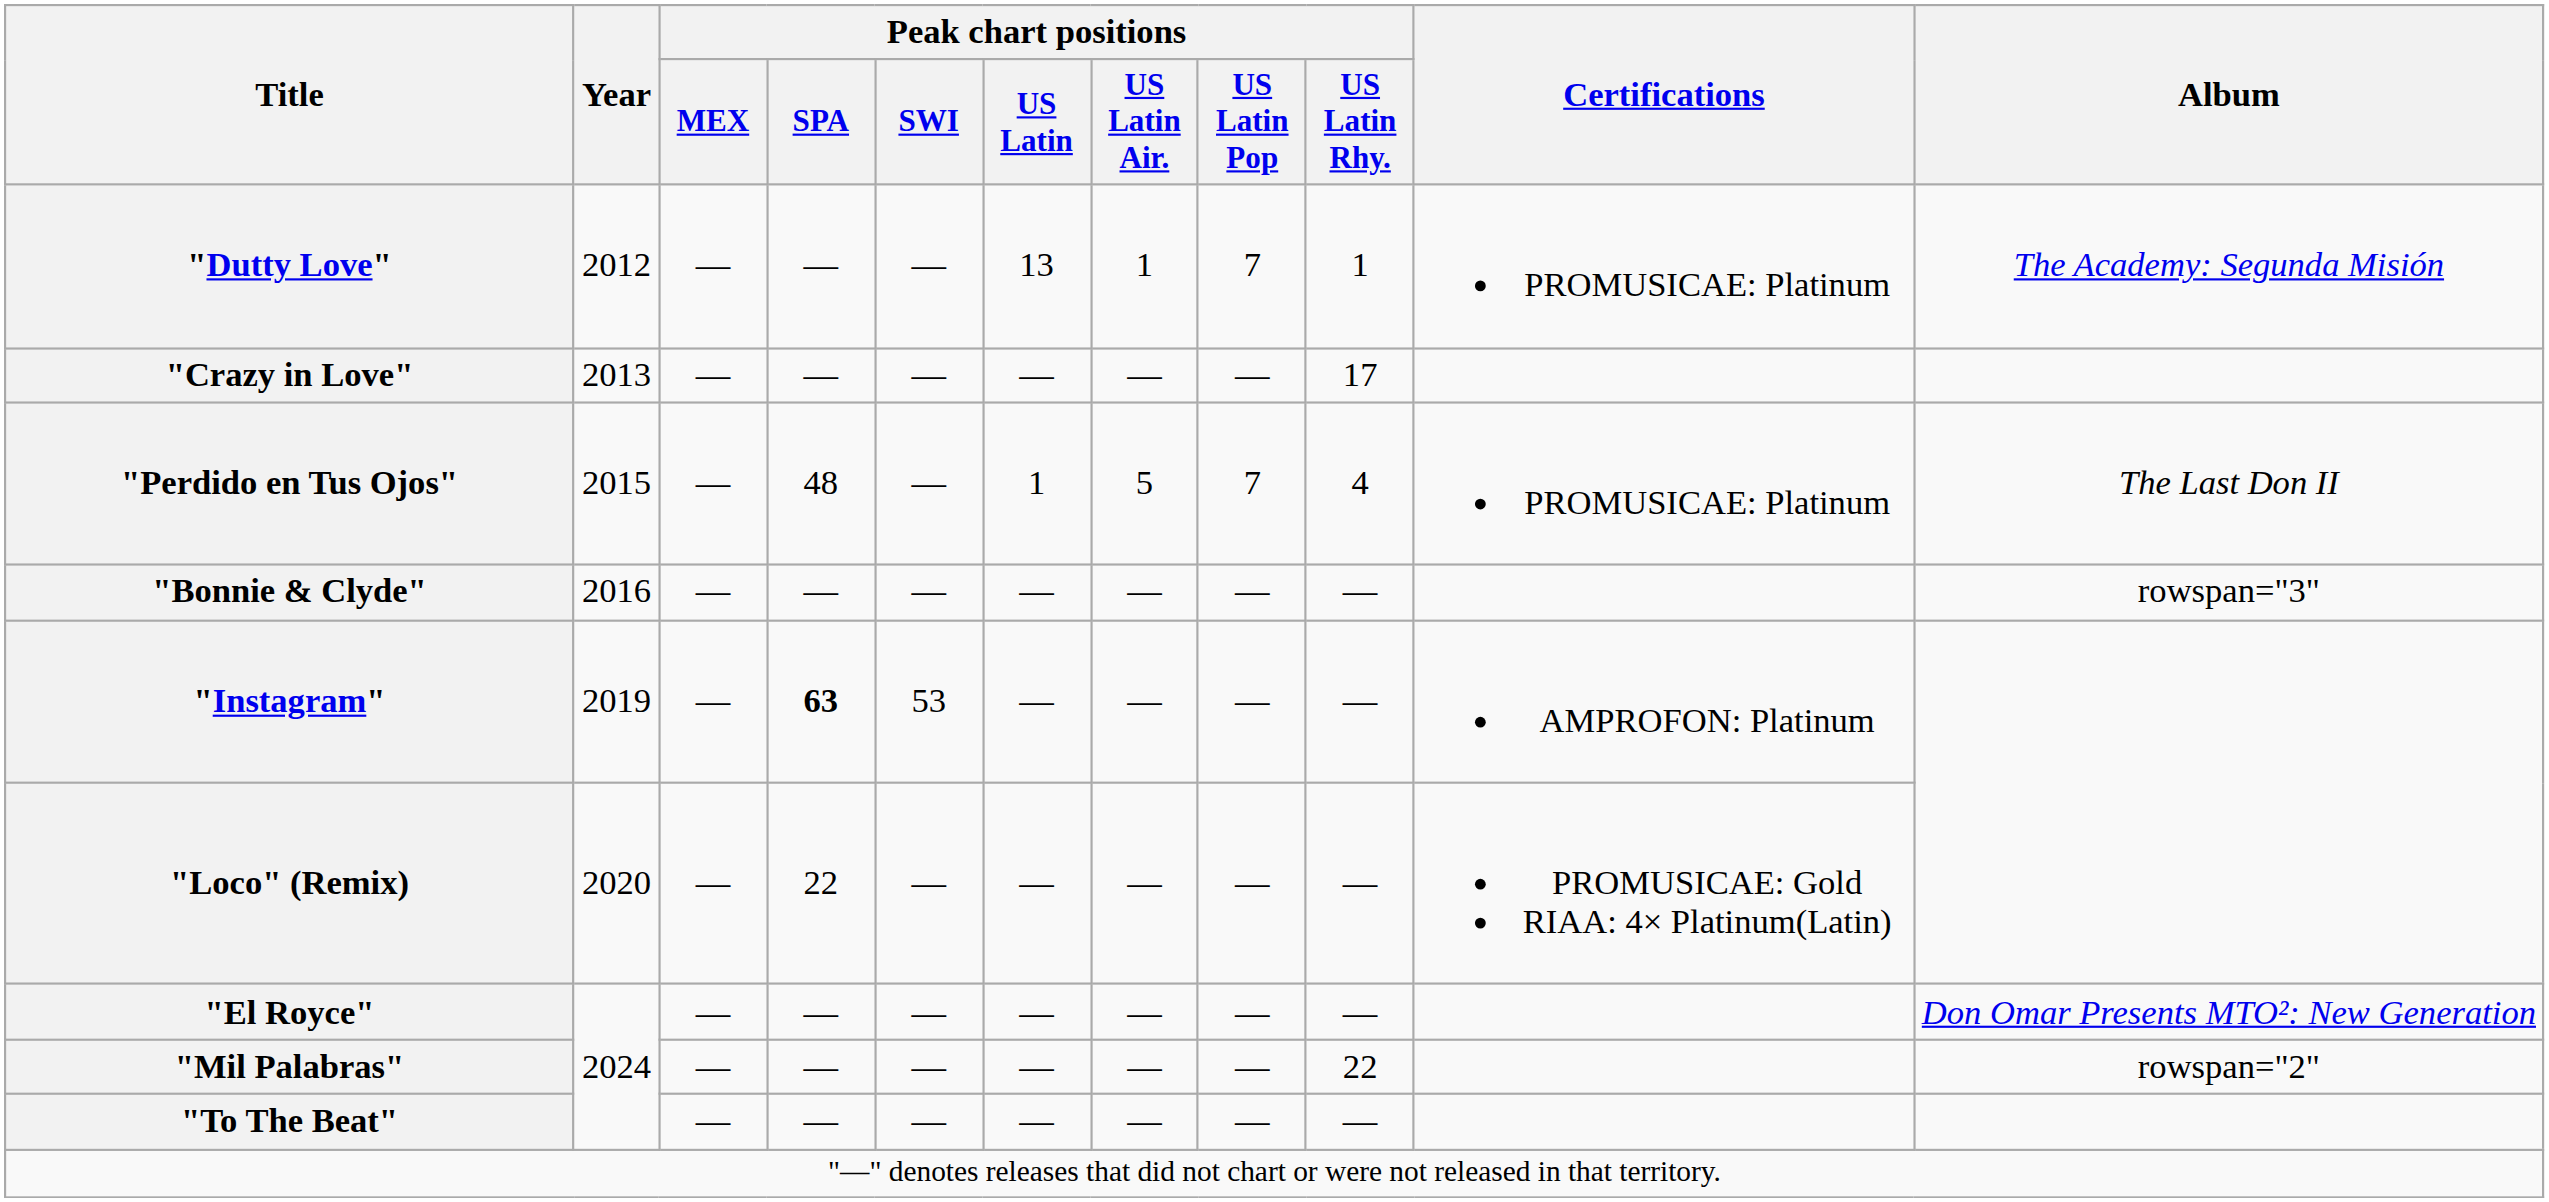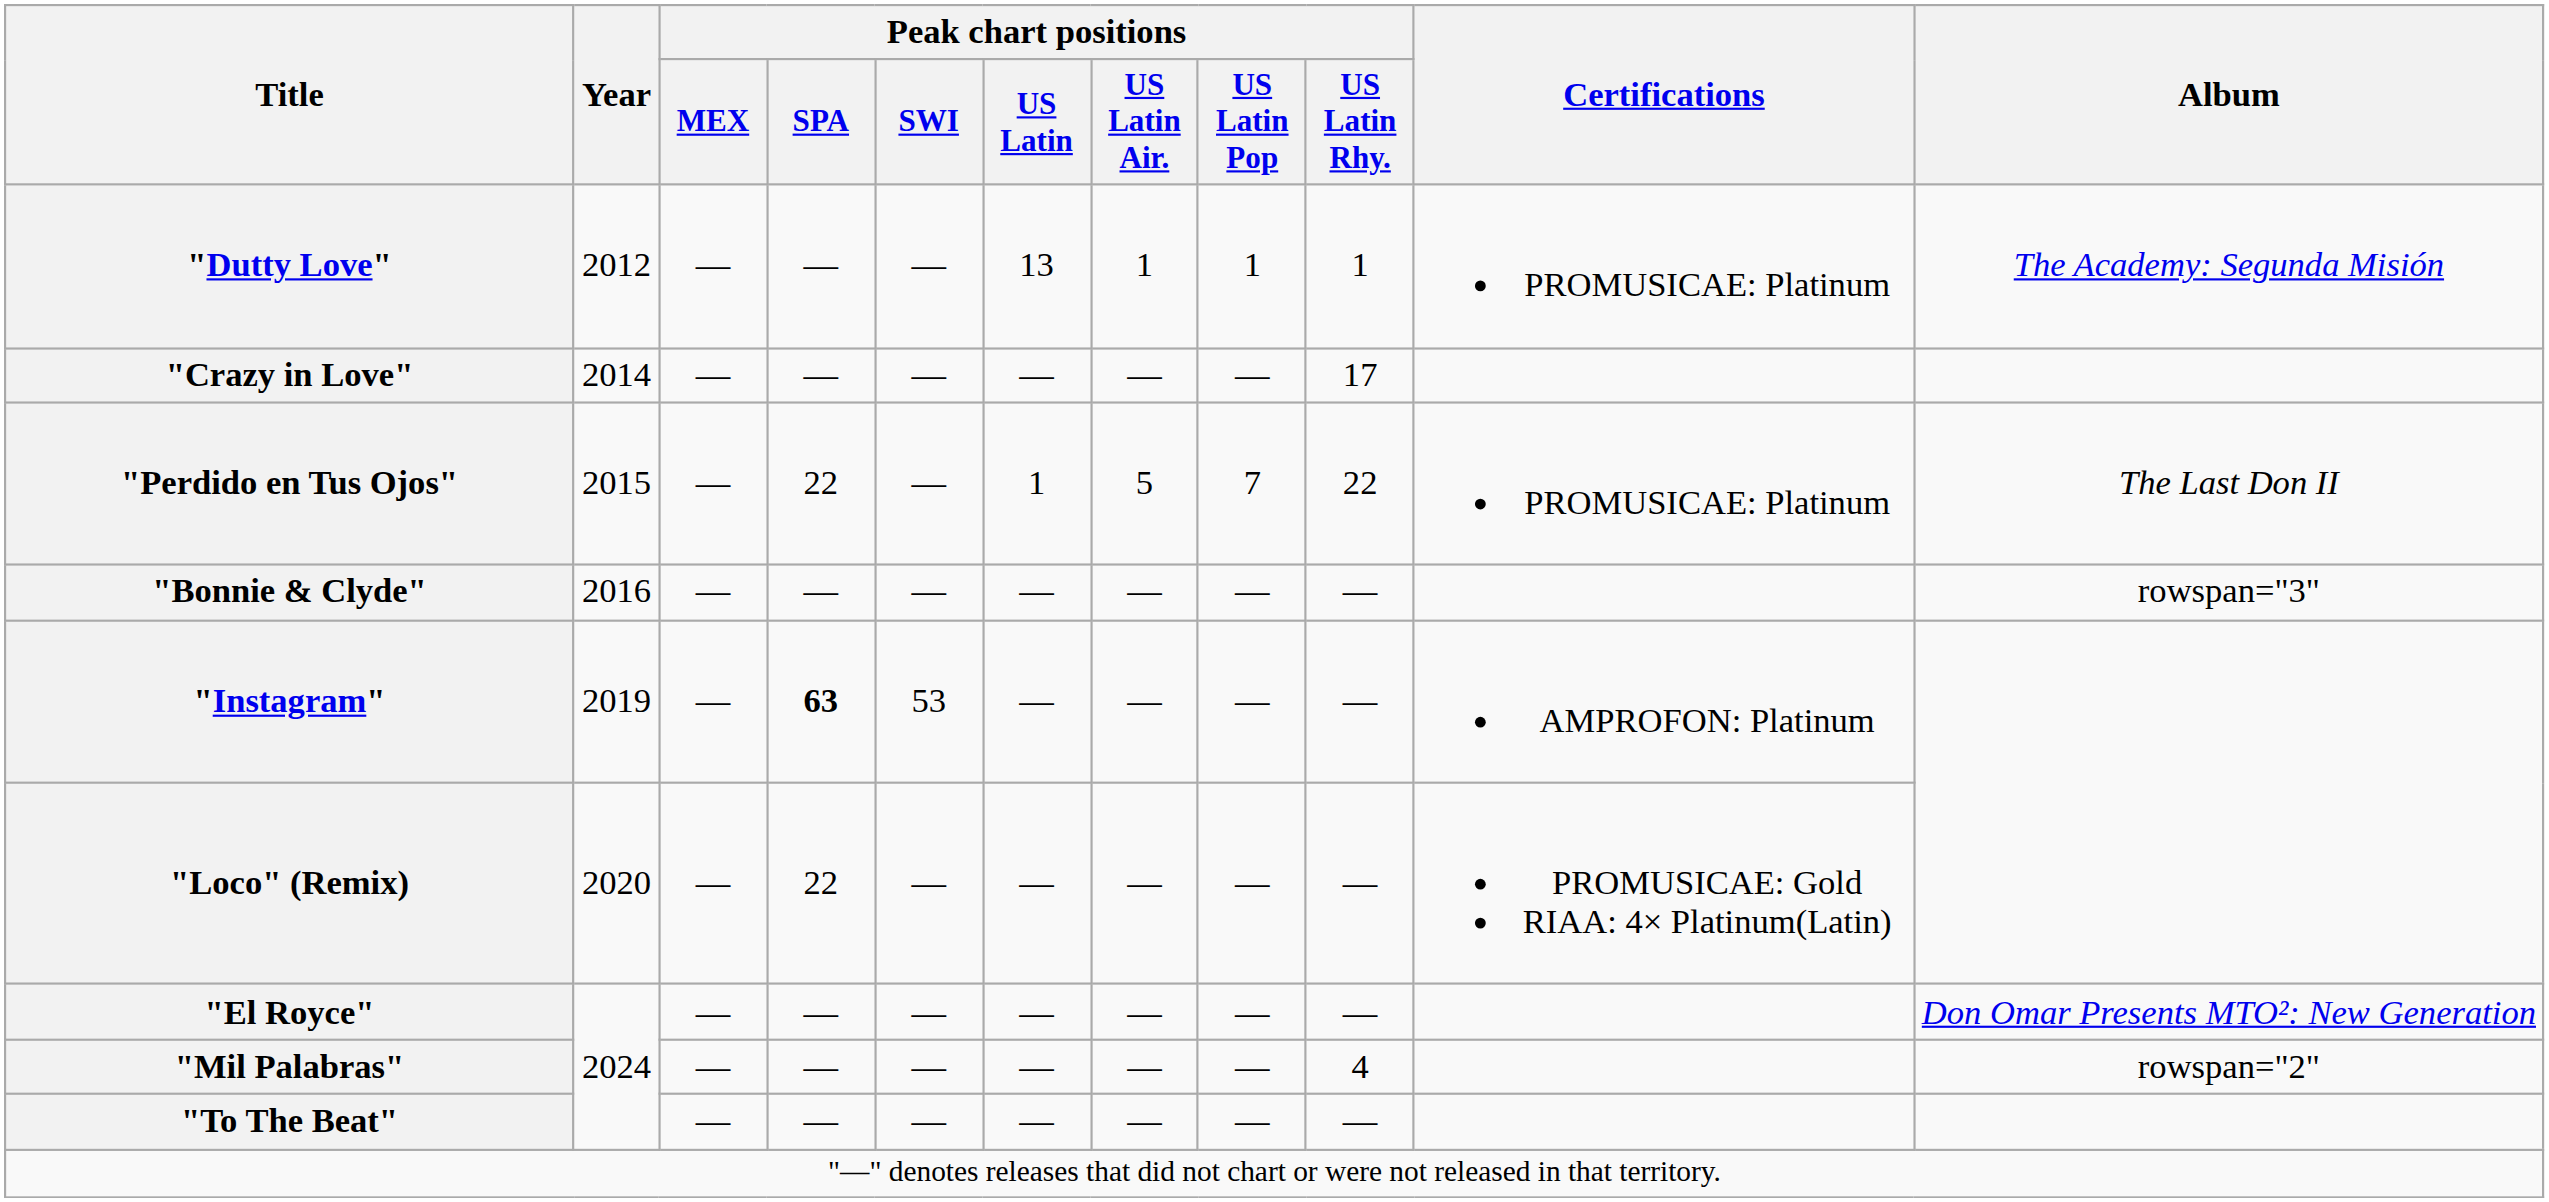 <table class="wikitable plainrowheaders" style="text-align:center;">
 <tr>
 <th scope="col" rowspan="2" style="width:16em;">Title</th>
 <th scope="col" rowspan="2" style="width:1em;">Year</th>
 <th scope="col" colspan="7">Peak chart positions</th>
 <th scope="col" rowspan="2" style="width:14em;"><a href='#'>Certifications</a></th>
 <th scope="col" rowspan="2">Album</th>
 </tr>
 <tr>
 <th scope="col" style="width:3em;font-size:90%;"><a href='#'>MEX</a><br></th>
 <th scope="col" style="width:3em;font-size:90%;"><a href='#'>SPA</a><br></th>
 <th scope="col" style="width:3em;font-size:90%;"><a href='#'>SWI</a><br></th>
 <th scope="col" style="width:3em;font-size:90%;"><a href='#'>US<br>Latin</a><br></th>
 <th scope="col" style="width:3em;font-size:90%;"><a href='#'>US<br>Latin<br>Air.</a><br></th>
 <th scope="col" style="width:3em;font-size:90%;"><a href='#'>US<br>Latin<br>Pop</a><br></th>
 <th scope="col" style="width:3em;font-size:90%;"><a href='#'>US<br>Latin<br>Rhy.</a><br></th>
 </tr>
 <tr>
 <th scope="row">"<a href='#'>Dutty Love</a>"<br></th>
 <td>2012</td>
 <td>—</td>
 <td>—</td>
 <td>—</td>
 <td>13</td>
 <td>1</td>
-<td>7</td>
+<td>1</td>
 <td>1</td>
 <td><br><ul><li>PROMUSICAE: Platinum</li></ul></td>
 <td><em><a href='#'>The Academy: Segunda Misión</a></em></td>
 </tr>
 <tr>
 <th scope="row">"Crazy in Love"<br></th>
-<td>2013</td>
+<td>2014</td>
 <td>—</td>
 <td>—</td>
 <td>—</td>
 <td>—</td>
 <td>—</td>
 <td>—</td>
 <td>17</td>
 <td></td>
 <td></td>
 </tr>
 <tr>
 <th scope="row">"Perdido en Tus Ojos"<br></th>
 <td>2015</td>
 <td>—</td>
-<td>48</td>
+<td>22</td>
 <td>—</td>
 <td>1</td>
 <td>5</td>
 <td>7</td>
-<td>4</td>
+<td>22</td>
 <td><br><ul><li>PROMUSICAE: Platinum</li></ul></td>
 <td><em>The Last Don II</em></td>
 </tr>
 <tr>
 <th scope="row">"Bonnie & Clyde"<br></th>
 <td>2016</td>
 <td>—</td>
 <td>—</td>
 <td>—</td>
 <td>—</td>
 <td>—</td>
 <td>—</td>
 <td>—</td>
 <td></td>
 <td>rowspan="3" </td>
 </tr>
 <tr>
 <th scope="row">"<a href='#'>Instagram</a>"<br></th>
 <td>2019</td>
 <td>—</td>
 <td><strong>63</strong></td>
 <td>53</td>
 <td>—</td>
 <td>—</td>
 <td>—</td>
 <td>—</td>
 <td><br><ul><li>AMPROFON: Platinum</li></ul></td>
 </tr>
 <tr>
 <th scope="row">"Loco" (Remix)<br></th>
 <td>2020</td>
 <td>—</td>
 <td>22</td>
 <td>—</td>
 <td>—</td>
 <td>—</td>
 <td>—</td>
 <td>—</td>
 <td><br><ul><li>PROMUSICAE: Gold</li><li>RIAA: 4× Platinum<span>(Latin)</span></li></ul></td>
 </tr>
 <tr>
 <th scope="row">"El Royce"<br></th>
 <td rowspan="3">2024</td>
 <td>—</td>
 <td>—</td>
 <td>—</td>
 <td>—</td>
 <td>—</td>
 <td>—</td>
 <td>—</td>
 <td></td>
 <td><em><a href='#'>Don Omar Presents MTO²: New Generation</a></em></td>
 </tr>
 <tr>
 <th scope="row">"Mil Palabras"<br></th>
 <td>—</td>
 <td>—</td>
 <td>—</td>
 <td>—</td>
 <td>—</td>
 <td>—</td>
-<td>22</td>
+<td>4</td>
 <td></td>
 <td>rowspan="2" </td>
 </tr>
 <tr>
 <th scope="row">"To The Beat"<br></th>
 <td>—</td>
 <td>—</td>
 <td>—</td>
 <td>—</td>
 <td>—</td>
 <td>—</td>
 <td>—</td>
 <td></td>
 </tr>
 <tr>
 <td colspan="14" style="text-align:center; font-size:85%;">"—" denotes releases that did not chart or were not released in that territory.</td>
 </tr>
 </table>
